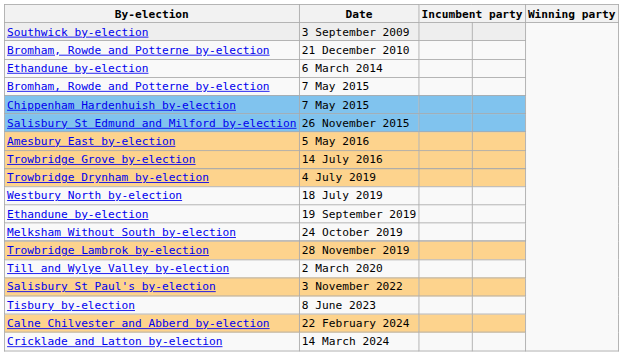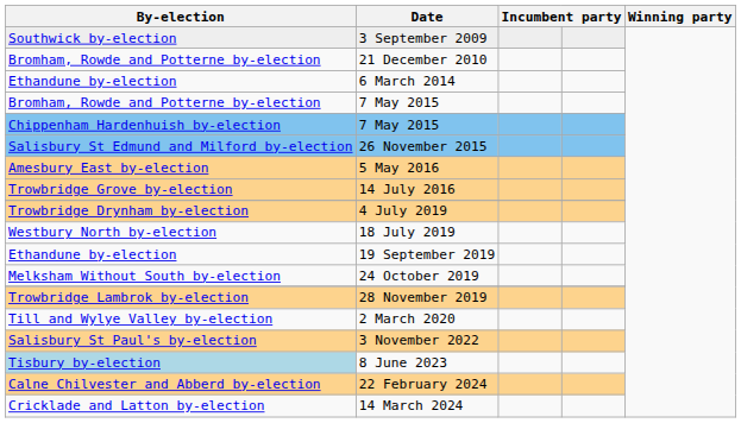 <table class="wikitable">
 <tr>
 <th>By-election</th>
 <th>Date</th>
 <th colspan=2>Incumbent party</th>
 <th colspan=2>Winning party</th>
 </tr>
 <tr bgcolor=#EEEEEE>
 <td><a href='#'>Southwick by-election</a></td>
 <td>3 September 2009</td>
 <td></td>
 <td></td>
 </tr>
 <tr>
 <td><a href='#'>Bromham, Rowde and Potterne by-election</a></td>
 <td>21 December 2010</td>
 <td></td>
 <td></td>
 </tr>
 <tr>
 <td><a href='#'>Ethandune by-election</a></td>
 <td>6 March 2014</td>
 <td></td>
 <td></td>
 </tr>
 <tr>
 <td><a href='#'>Bromham, Rowde and Potterne by-election</a></td>
 <td>7 May 2015</td>
 <td></td>
 <td></td>
 </tr>
 <tr bgcolor=#80C3EE>
 <td><a href='#'>Chippenham Hardenhuish by-election</a></td>
 <td>7 May 2015</td>
 <td></td>
 <td></td>
 </tr>
 <tr bgcolor=#80C3EE>
 <td><a href='#'>Salisbury St Edmund and Milford by-election</a></td>
 <td>26 November 2015</td>
 <td></td>
 <td></td>
 </tr>
 <tr bgcolor=#FDD38D>
 <td><a href='#'>Amesbury East by-election</a></td>
 <td>5 May 2016</td>
 <td></td>
 <td></td>
 </tr>
 <tr bgcolor=#FDD38D>
 <td><a href='#'>Trowbridge Grove by-election</a></td>
 <td>14 July 2016</td>
 <td></td>
 <td></td>
 </tr>
 <tr>
 </tr>
 <tr bgcolor=#FDD38D>
 <td><a href='#'>Trowbridge Drynham by-election</a></td>
 <td>4 July 2019</td>
 <td></td>
 <td></td>
 </tr>
 <tr>
 <td><a href='#'>Westbury North by-election</a></td>
 <td>18 July 2019</td>
 <td></td>
 <td></td>
 </tr>
 <tr>
 <td><a href='#'>Ethandune by-election</a></td>
 <td>19 September 2019</td>
 <td></td>
 <td></td>
 </tr>
 <tr>
 <td><a href='#'>Melksham Without South by-election</a></td>
 <td>24 October 2019</td>
 <td></td>
 <td></td>
 </tr>
 <tr>
 </tr>
 <tr bgcolor=#FDD38D>
 <td><a href='#'>Trowbridge Lambrok by-election</a></td>
 <td>28 November 2019</td>
 <td></td>
 <td></td>
 </tr>
 <tr>
 <td><a href='#'>Till and Wylye Valley by-election</a></td>
 <td>2 March 2020</td>
 <td></td>
 <td></td>
 </tr>
 <tr bgcolor=#FDD38D>
 <td><a href='#'>Salisbury St Paul's by-election</a></td>
 <td>3 November 2022</td>
 <td></td>
 <td></td>
 </tr>
 <tr>
-<td><a href='#'>Tisbury by-election</a></td>
+<td style="background: lightblue;"><a href='#'>Tisbury by-election</a></td>
 <td>8 June 2023</td>
 <td></td>
 <td></td>
 </tr>
 <tr bgcolor=#FDD38D>
 <td><a href='#'>Calne Chilvester and Abberd by-election</a></td>
 <td>22 February 2024</td>
 <td></td>
 <td></td>
 </tr>
 <tr>
 <td><a href='#'>Cricklade and Latton by-election</a></td>
 <td>14 March 2024</td>
 <td></td>
 <td></td>
 </tr>
 </table>
